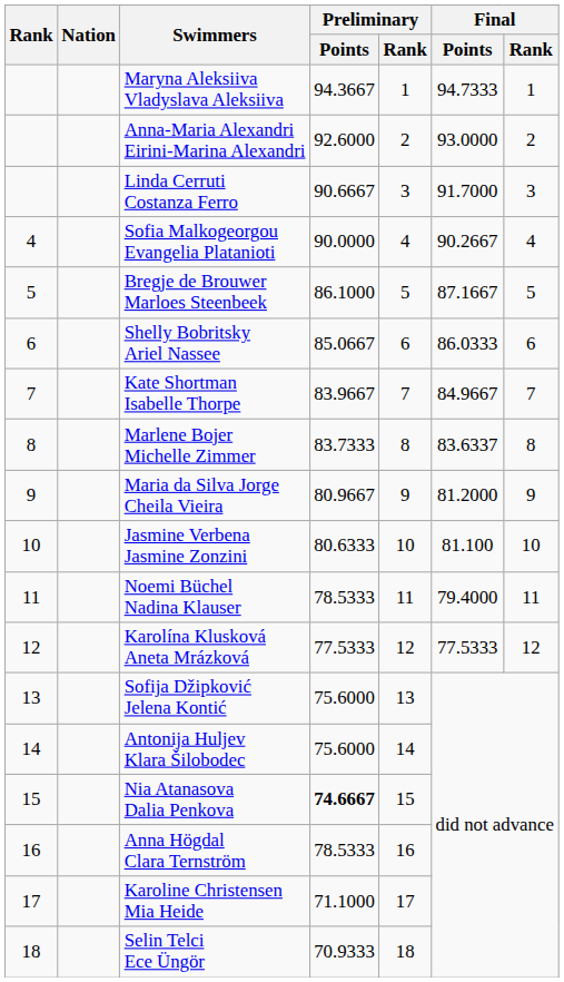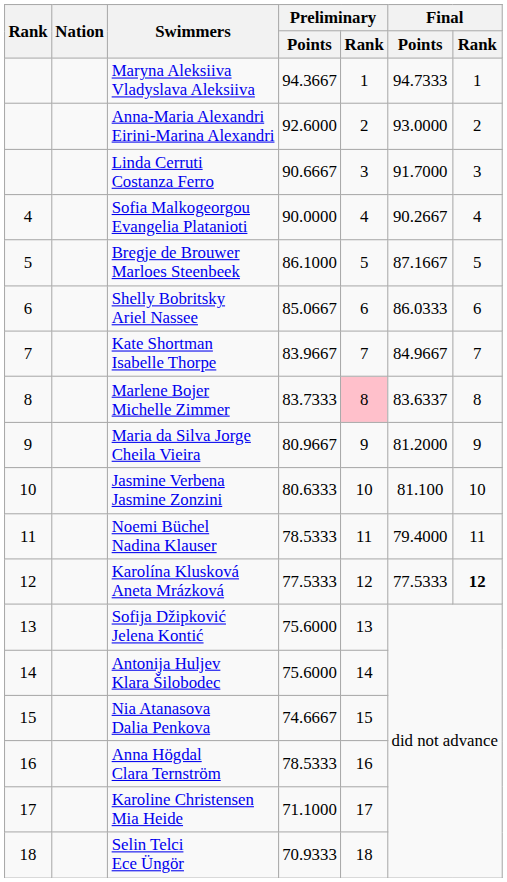 <table class="wikitable sortable" style="text-align:center">
 <tr>
 <th rowspan=2>Rank</th>
 <th rowspan=2>Nation</th>
 <th rowspan=2>Swimmers</th>
 <th colspan=2>Preliminary</th>
 <th colspan=2>Final</th>
 </tr>
 <tr>
 <th>Points</th>
 <th>Rank</th>
 <th>Points</th>
 <th>Rank</th>
 </tr>
 <tr>
 <td></td>
 <td align=left></td>
 <td align=left><a href='#'>Maryna Aleksiiva</a><br><a href='#'>Vladyslava Aleksiiva</a></td>
 <td>94.3667</td>
 <td>1</td>
 <td>94.7333</td>
 <td>1</td>
 </tr>
 <tr>
 <td></td>
 <td align=left></td>
 <td align=left><a href='#'>Anna-Maria Alexandri</a><br><a href='#'>Eirini-Marina Alexandri</a></td>
 <td>92.6000</td>
 <td>2</td>
 <td>93.0000</td>
 <td>2</td>
 </tr>
 <tr>
 <td></td>
 <td align=left></td>
 <td align=left><a href='#'>Linda Cerruti</a><br><a href='#'>Costanza Ferro</a></td>
 <td>90.6667</td>
 <td>3</td>
 <td>91.7000</td>
 <td>3</td>
 </tr>
 <tr>
 <td>4</td>
 <td align=left></td>
 <td align=left><a href='#'>Sofia Malkogeorgou</a><br><a href='#'>Evangelia Platanioti</a></td>
 <td>90.0000</td>
 <td>4</td>
 <td>90.2667</td>
 <td>4</td>
 </tr>
 <tr>
 <td>5</td>
 <td align=left></td>
 <td align=left><a href='#'>Bregje de Brouwer</a><br><a href='#'>Marloes Steenbeek</a></td>
 <td>86.1000</td>
 <td>5</td>
 <td>87.1667</td>
 <td>5</td>
 </tr>
 <tr>
 <td>6</td>
 <td align=left></td>
 <td align=left><a href='#'>Shelly Bobritsky</a><br><a href='#'>Ariel Nassee</a></td>
 <td>85.0667</td>
 <td>6</td>
 <td>86.0333</td>
 <td>6</td>
 </tr>
 <tr>
 <td>7</td>
 <td align=left></td>
 <td align=left><a href='#'>Kate Shortman</a><br><a href='#'>Isabelle Thorpe</a></td>
 <td>83.9667</td>
 <td>7</td>
 <td>84.9667</td>
 <td>7</td>
 </tr>
 <tr>
 <td>8</td>
 <td align=left></td>
 <td align=left><a href='#'>Marlene Bojer</a><br><a href='#'>Michelle Zimmer</a></td>
 <td>83.7333</td>
-<td>8</td>
+<td style="background: pink;">8</td>
 <td>83.6337</td>
 <td>8</td>
 </tr>
 <tr>
 <td>9</td>
 <td align=left></td>
 <td align=left><a href='#'>Maria da Silva Jorge</a><br><a href='#'>Cheila Vieira</a></td>
 <td>80.9667</td>
 <td>9</td>
 <td>81.2000</td>
 <td>9</td>
 </tr>
 <tr>
 <td>10</td>
 <td align=left></td>
 <td align=left><a href='#'>Jasmine Verbena</a><br><a href='#'>Jasmine Zonzini</a></td>
 <td>80.6333</td>
 <td>10</td>
 <td>81.100</td>
 <td>10</td>
 </tr>
 <tr>
 <td>11</td>
 <td align=left></td>
 <td align=left><a href='#'>Noemi Büchel</a><br><a href='#'>Nadina Klauser</a></td>
 <td>78.5333</td>
 <td>11</td>
 <td>79.4000</td>
 <td>11</td>
 </tr>
 <tr>
 <td>12</td>
 <td align=left></td>
 <td align=left><a href='#'>Karolína Klusková</a><br><a href='#'>Aneta Mrázková</a></td>
 <td>77.5333</td>
 <td>12</td>
 <td>77.5333</td>
-<td>12</td>
+<td><strong>12</strong></td>
 </tr>
 <tr>
 <td>13</td>
 <td align=left></td>
 <td align=left><a href='#'>Sofija Džipković</a><br><a href='#'>Jelena Kontić</a></td>
 <td>75.6000</td>
 <td>13</td>
 <td colspan=2 rowspan=6>did not advance</td>
 </tr>
 <tr>
 <td>14</td>
 <td align=left></td>
 <td align=left><a href='#'>Antonija Huljev</a><br><a href='#'>Klara Šilobodec</a></td>
 <td>75.6000</td>
 <td>14</td>
 </tr>
 <tr>
 <td>15</td>
 <td align=left></td>
 <td align=left><a href='#'>Nia Atanasova</a><br><a href='#'>Dalia Penkova</a></td>
-<td><strong>74.6667</strong></td>
+<td>74.6667</td>
 <td>15</td>
 </tr>
 <tr>
 <td>16</td>
 <td align=left></td>
 <td align=left><a href='#'>Anna Högdal</a><br><a href='#'>Clara Ternström</a></td>
 <td>78.5333</td>
 <td>16</td>
 </tr>
 <tr>
 <td>17</td>
 <td align=left></td>
 <td align=left><a href='#'>Karoline Christensen</a><br><a href='#'>Mia Heide</a></td>
 <td>71.1000</td>
 <td>17</td>
 </tr>
 <tr>
 <td>18</td>
 <td align=left></td>
 <td align=left><a href='#'>Selin Telci</a><br><a href='#'>Ece Üngör</a></td>
 <td>70.9333</td>
 <td>18</td>
 </tr>
 </table>
